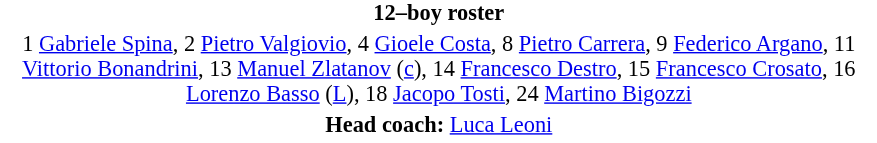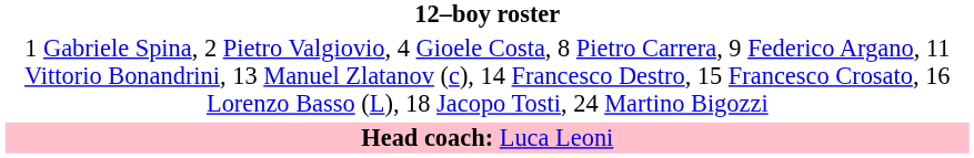 <table style="text-align:center; margin-top:2em; margin-left:auto; margin-right:auto">
 <tr>
 <td><strong>12–boy roster</strong></td>
 </tr>
 <tr>
 <td>1 <a href='#'>Gabriele Spina</a>, 2 <a href='#'>Pietro Valgiovio</a>, 4 <a href='#'>Gioele Costa</a>, 8 <a href='#'>Pietro Carrera</a>, 9 <a href='#'>Federico Argano</a>, 11 <a href='#'>Vittorio Bonandrini</a>, 13 <a href='#'>Manuel Zlatanov</a> (<a href='#'>c</a>), 14 <a href='#'>Francesco Destro</a>, 15 <a href='#'>Francesco Crosato</a>, 16 <a href='#'>Lorenzo Basso</a> (<a href='#'>L</a>), 18 <a href='#'>Jacopo Tosti</a>, 24 <a href='#'>Martino Bigozzi</a></td>
 </tr>
 <tr>
-<td><strong>Head coach:</strong>  <a href='#'>Luca Leoni</a></td>
+<td style="background: pink;"><strong>Head coach:</strong>  <a href='#'>Luca Leoni</a></td>
 </tr>
 </table>
